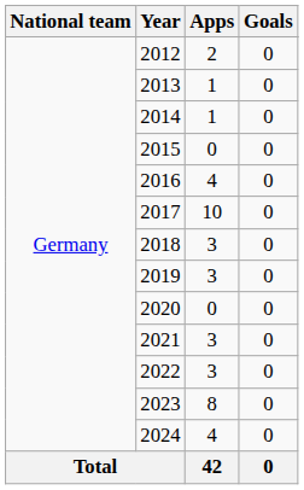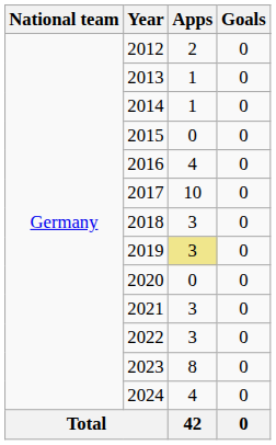 <table class="wikitable" style="text-align:center">
 <tr>
 <th>National team</th>
 <th>Year</th>
 <th>Apps</th>
 <th>Goals</th>
 </tr>
 <tr>
 <td rowspan="14"><a href='#'>Germany</a></td>
 </tr>
 <tr>
 <td>2012</td>
 <td>2</td>
 <td>0</td>
 </tr>
 <tr>
 <td>2013</td>
 <td>1</td>
 <td>0</td>
 </tr>
 <tr>
 <td>2014</td>
 <td>1</td>
 <td>0</td>
 </tr>
 <tr>
 <td>2015</td>
 <td>0</td>
 <td>0</td>
 </tr>
 <tr>
 <td>2016</td>
 <td>4</td>
 <td>0</td>
 </tr>
 <tr>
 <td>2017</td>
 <td>10</td>
 <td>0</td>
 </tr>
 <tr>
 <td>2018</td>
 <td>3</td>
 <td>0</td>
 </tr>
 <tr>
 <td>2019</td>
-<td>3</td>
+<td style="background: khaki;">3</td>
 <td>0</td>
 </tr>
 <tr>
 <td>2020</td>
 <td>0</td>
 <td>0</td>
 </tr>
 <tr>
 <td>2021</td>
 <td>3</td>
 <td>0</td>
 </tr>
 <tr>
 <td>2022</td>
 <td>3</td>
 <td>0</td>
 </tr>
 <tr>
 <td>2023</td>
 <td>8</td>
 <td>0</td>
 </tr>
 <tr>
 <td>2024</td>
 <td>4</td>
 <td>0</td>
 </tr>
 <tr>
 <th colspan="2">Total</th>
 <th>42</th>
 <th>0</th>
 </tr>
 </table>
